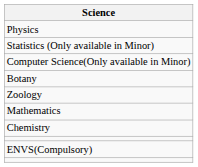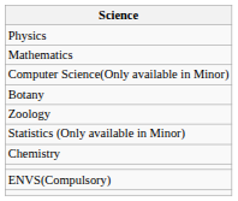 <table class="wikitable">
 <tr>
 <th>Science</th>
 </tr>
 <tr>
 <td>Physics</td>
 </tr>
 <tr>
-<td>Statistics (Only available in Minor)</td>
+<td>Mathematics</td>
 </tr>
 <tr>
 <td>Computer Science(Only available in Minor)</td>
 </tr>
 <tr>
 <td>Botany</td>
 </tr>
 <tr>
 <td>Zoology</td>
 </tr>
 <tr>
-<td>Mathematics</td>
+<td>Statistics (Only available in Minor)</td>
 </tr>
 <tr>
 <td>Chemistry</td>
 </tr>
 <tr>
 <td></td>
 </tr>
 <tr>
 <td>ENVS(Compulsory)</td>
 </tr>
 <tr>
 <td></td>
 </tr>
 </table>
